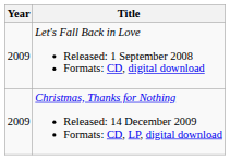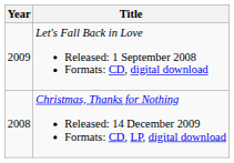 <table class="wikitable">
 <tr>
 <th rowspan="1">Year</th>
 <th rowspan="1">Title</th>
 </tr>
 <tr>
 <td>2009</td>
 <td><em>Let's Fall Back in Love</em><br><ul><li>Released: 1 September 2008</li><li>Formats: <a href='#'>CD</a>, <a href='#'>digital download</a></li></ul></td>
 </tr>
 <tr>
-<td>2009</td>
+<td>2008</td>
 <td><em><a href='#'>Christmas, Thanks for Nothing</a></em><br><ul><li>Released: 14 December 2009</li><li>Formats: <a href='#'>CD</a>, <a href='#'>LP</a>, <a href='#'>digital download</a></li></ul></td>
 </tr>
 </table>
